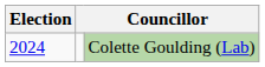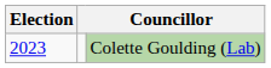 <table class="wikitable">
 <tr>
 <th>Election</th>
 <th colspan="2">Councillor</th>
 </tr>
 <tr>
-<td><a href='#'>2024</a></td>
+<td><a href='#'>2023</a></td>
 <td style="background-color: "></td>
 <td bgcolor="#B6D7A8">Colette Goulding (<a href='#'>Lab</a>)</td>
 </tr>
 </table>
